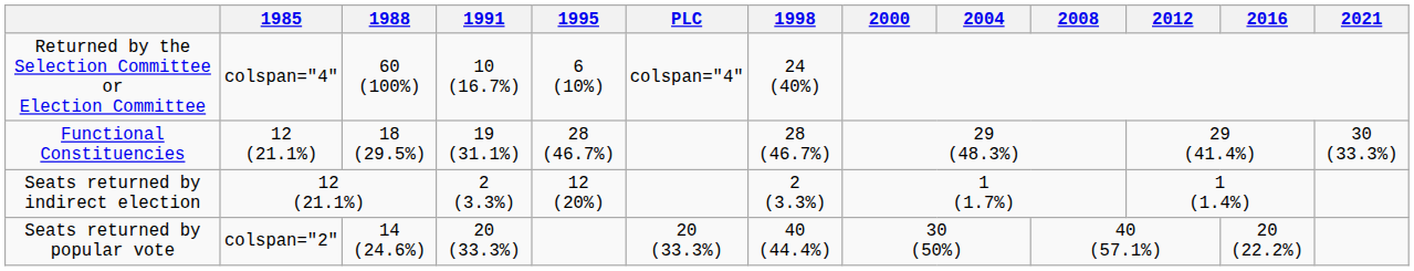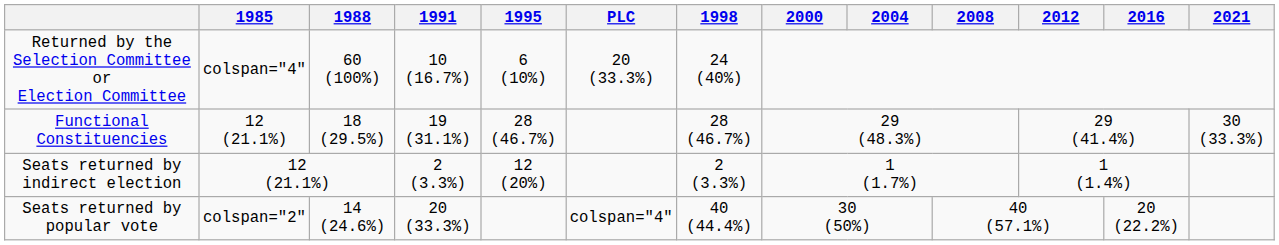 <table class="wikitable" style="text-align: center;">
 <tr>
 <th style=width:12em></th>
 <th style=width:5em><a href='#'>1985</a></th>
 <th style=width:5em><a href='#'>1988</a></th>
 <th style=width:5em><a href='#'>1991</a></th>
 <th style=width:5em><a href='#'>1995</a></th>
 <th style=width:5em><a href='#'>PLC</a></th>
 <th style=width:5em><a href='#'>1998</a></th>
 <th style=width:5em><a href='#'>2000</a></th>
 <th style=width:5em><a href='#'>2004</a></th>
 <th style=width:5em><a href='#'>2008</a></th>
 <th style=width:5em><a href='#'>2012</a></th>
 <th style=width:5em><a href='#'>2016</a></th>
 <th style=width:5em><a href='#'>2021</a></th>
 </tr>
 <tr>
 <td><div>Returned by the<br> <a href='#'>Selection Committee</a> or<br><a href='#'>Election Committee</a></div></td>
 <td>colspan="4" </td>
 <td>60<br>(100%)</td>
 <td>10<br>(16.7%)</td>
 <td>6<br>(10%)</td>
-<td>colspan="4" </td>
+<td>20<br>(33.3%)</td>
 <td>24<br>(40%)</td>
 </tr>
 <tr>
 <td><div><a href='#'>Functional<br>Constituencies</a></div></td>
 <td>12<br>(21.1%)</td>
 <td>18<br>(29.5%)</td>
 <td>19<br>(31.1%)</td>
 <td>28<br>(46.7%)</td>
 <td></td>
 <td>28<br>(46.7%)</td>
 <td colspan="3">29<br>(48.3%)</td>
 <td colspan="2">29<br>(41.4%)</td>
 <td>30<br>(33.3%)</td>
 </tr>
 <tr>
 <td><div>Seats returned by<br>indirect election</div></td>
 <td colspan="2">12<br>(21.1%)</td>
 <td>2<br>(3.3%)</td>
 <td>12<br>(20%)</td>
 <td></td>
 <td>2<br>(3.3%)</td>
 <td colspan="3">1<br>(1.7%)</td>
 <td colspan="2">1<br>(1.4%)</td>
 <td></td>
 </tr>
 <tr>
 <td><div>Seats returned by<br>popular vote</div></td>
 <td>colspan="2"</td>
 <td>14<br>(24.6%)</td>
 <td>20<br>(33.3%)</td>
 <td></td>
-<td>20<br>(33.3%)</td>
+<td>colspan="4" </td>
 <td>40 (44.4%)</td>
 <td colspan="2">30<br>(50%)</td>
 <td colspan="2">40<br>(57.1%)</td>
 <td>20<br>(22.2%)</td>
 </tr>
 </table>
